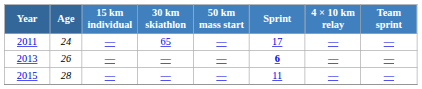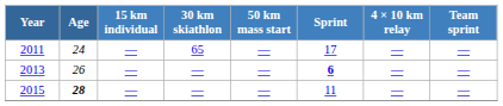 <table class="wikitable" style="font-size:95%; text-align:center; border:grey solid 1px; border-collapse:collapse; background:#ffffff;">
 <tr>
 <th style="background-color:#369; color:white; width:60px;"> Year </th>
 <th style="background-color:#369; color:white; width:40px;"> Age </th>
 <th style="background-color:#4180be; color:white; width:75px;"> 15 km <br> individual </th>
 <th style="background-color:#4180be; color:white; width:75px;"> 30 km <br> skiathlon </th>
 <th style="background-color:#4180be; color:white; width:75px;"> 50 km <br> mass start </th>
 <th style="background-color:#4180be; color:white; width:75px;"> Sprint </th>
 <th style="background-color:#4180be; color:white; width:75px;"> 4 × 10 km <br> relay </th>
 <th style="background-color:#4180be; color:white; width:75px;"> Team <br> sprint </th>
 </tr>
 <tr>
 <td><a href='#'>2011</a></td>
 <td><em>24</em></td>
 <td><a href='#'>—</a></td>
 <td><a href='#'>65</a></td>
 <td><a href='#'>—</a></td>
 <td><a href='#'>17</a></td>
 <td><a href='#'>—</a></td>
 <td><a href='#'>—</a></td>
 </tr>
 <tr>
 <td><a href='#'>2013</a></td>
 <td><em>26</em></td>
 <td><a href='#'>—</a></td>
 <td><a href='#'>—</a></td>
 <td><a href='#'>—</a></td>
 <td><strong><a href='#'>6</a></strong></td>
 <td><a href='#'>—</a></td>
 <td><a href='#'>—</a></td>
 </tr>
 <tr>
 <td><a href='#'>2015</a></td>
-<td><em>28</em></td>
+<td><strong><em>28</em></strong></td>
 <td><a href='#'>—</a></td>
 <td><a href='#'>—</a></td>
 <td><a href='#'>—</a></td>
 <td><a href='#'>11</a></td>
 <td><a href='#'>—</a></td>
 <td><a href='#'>—</a></td>
 </tr>
 <tr>
 </tr>
 </table>
